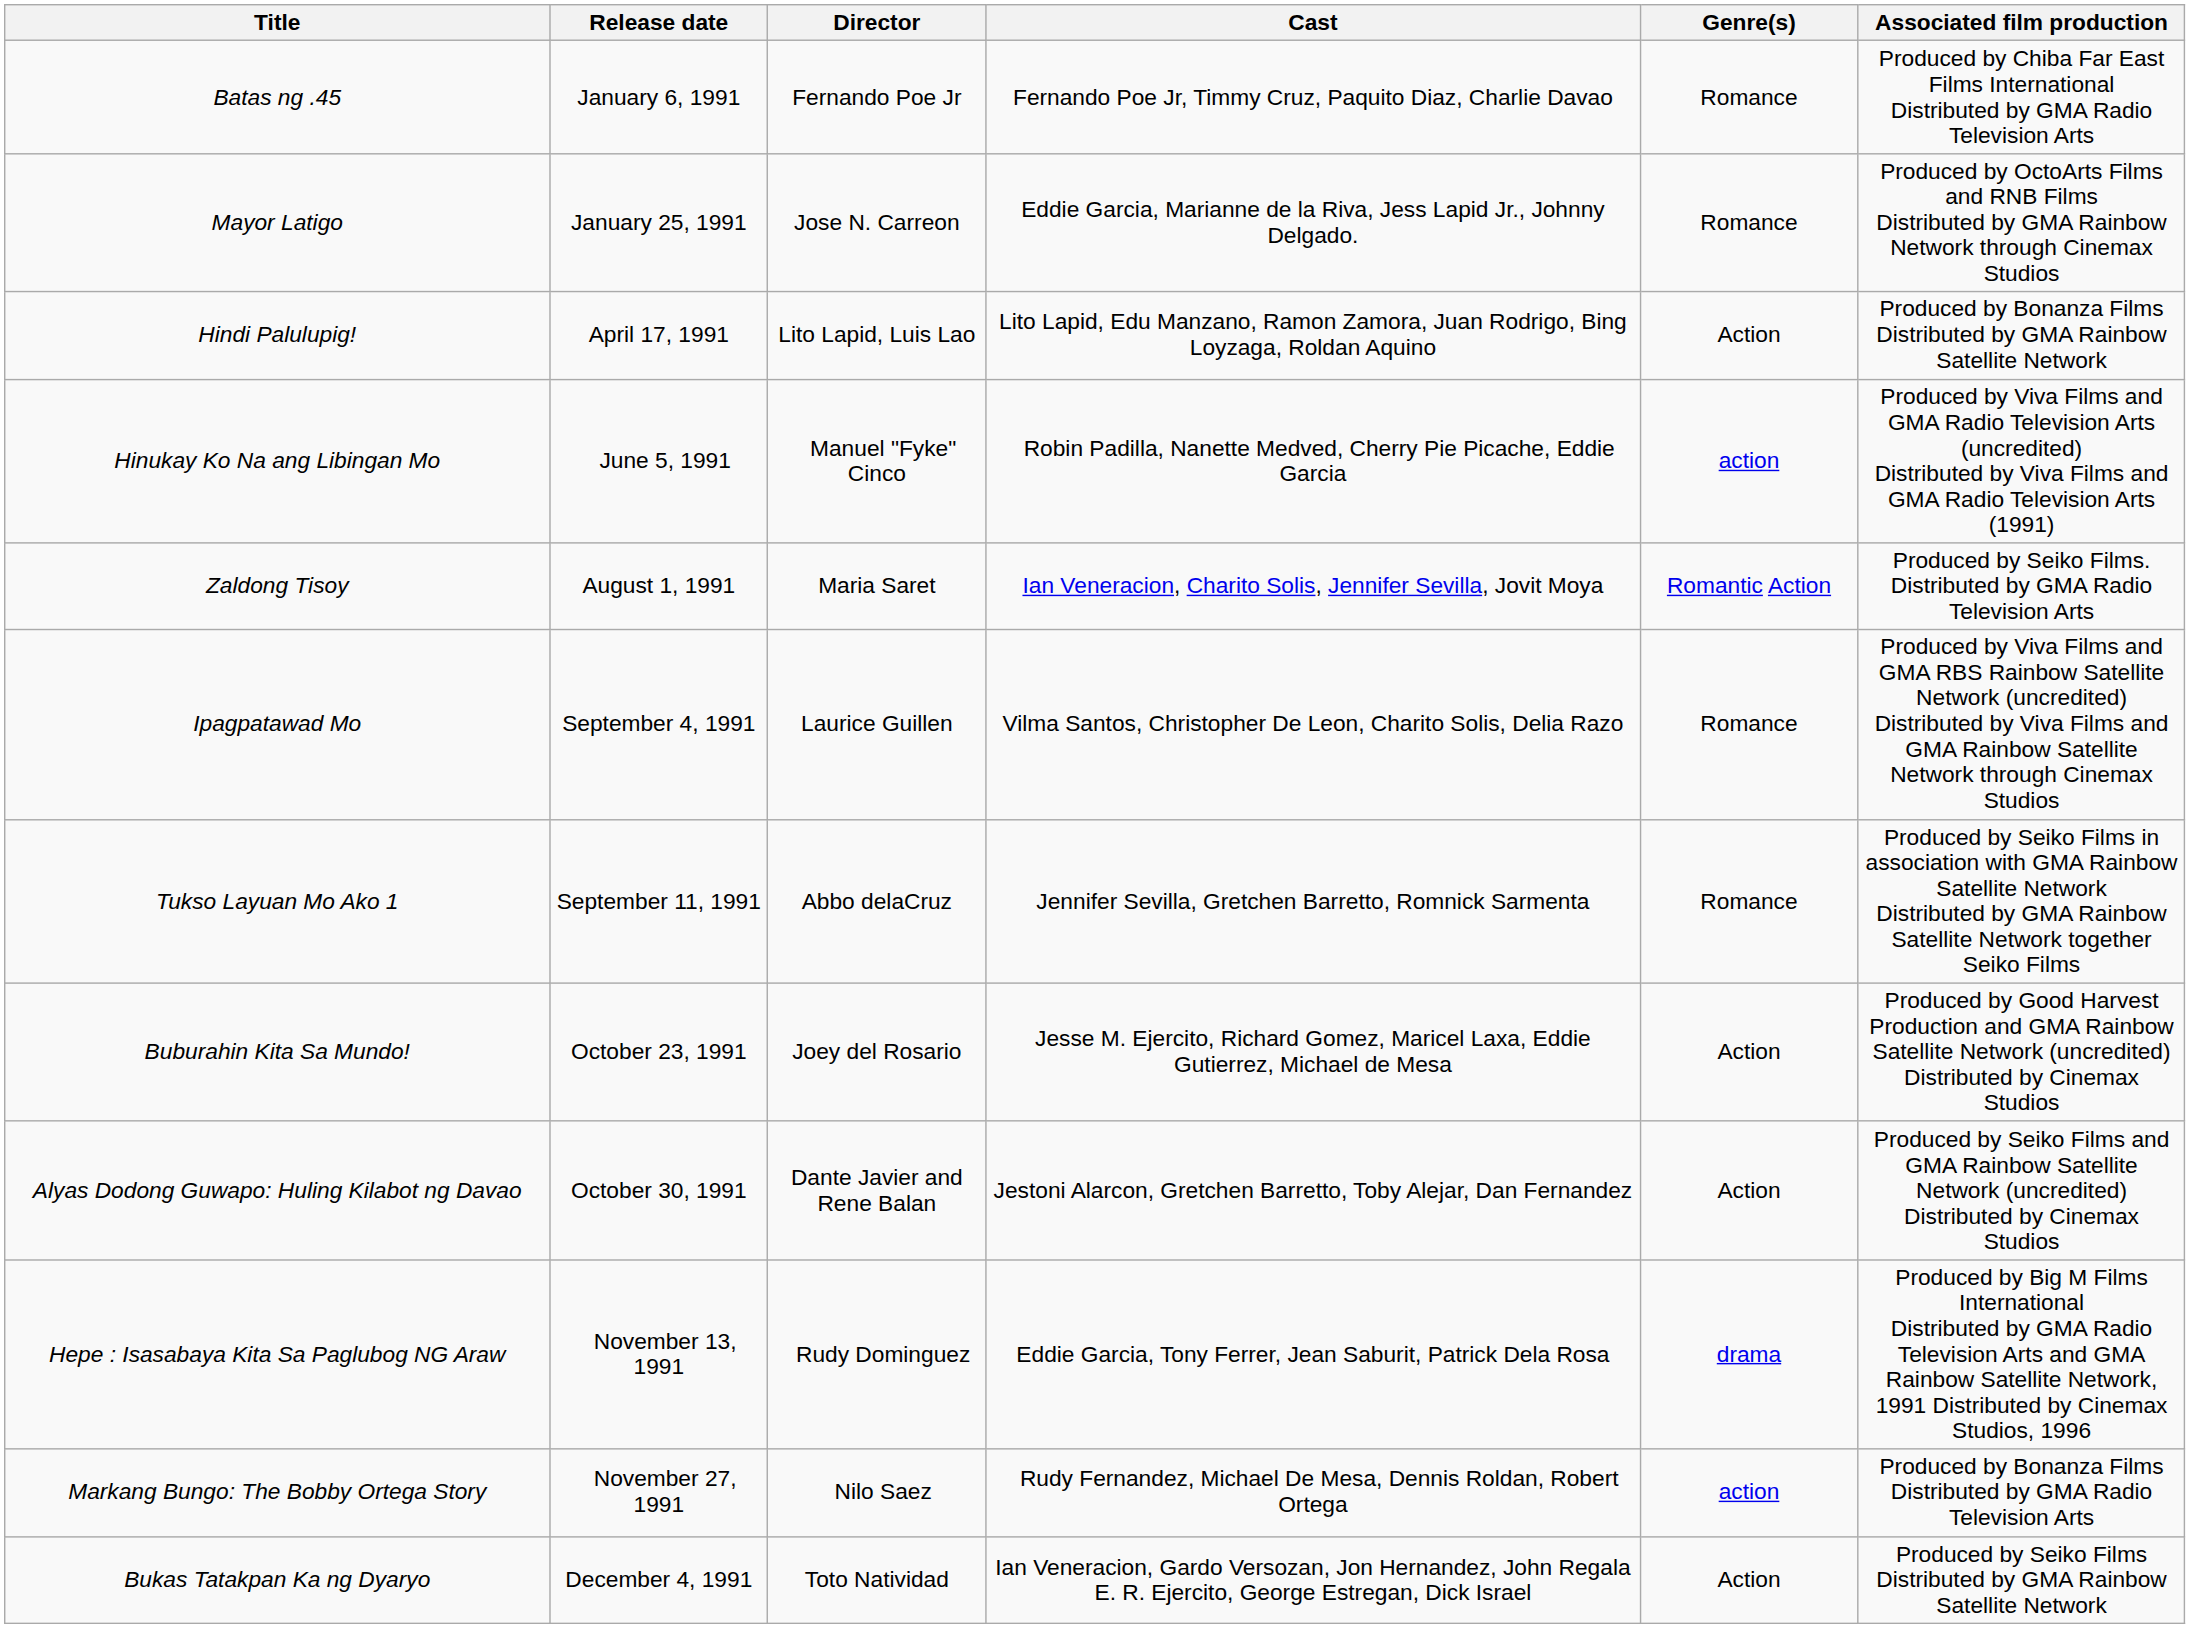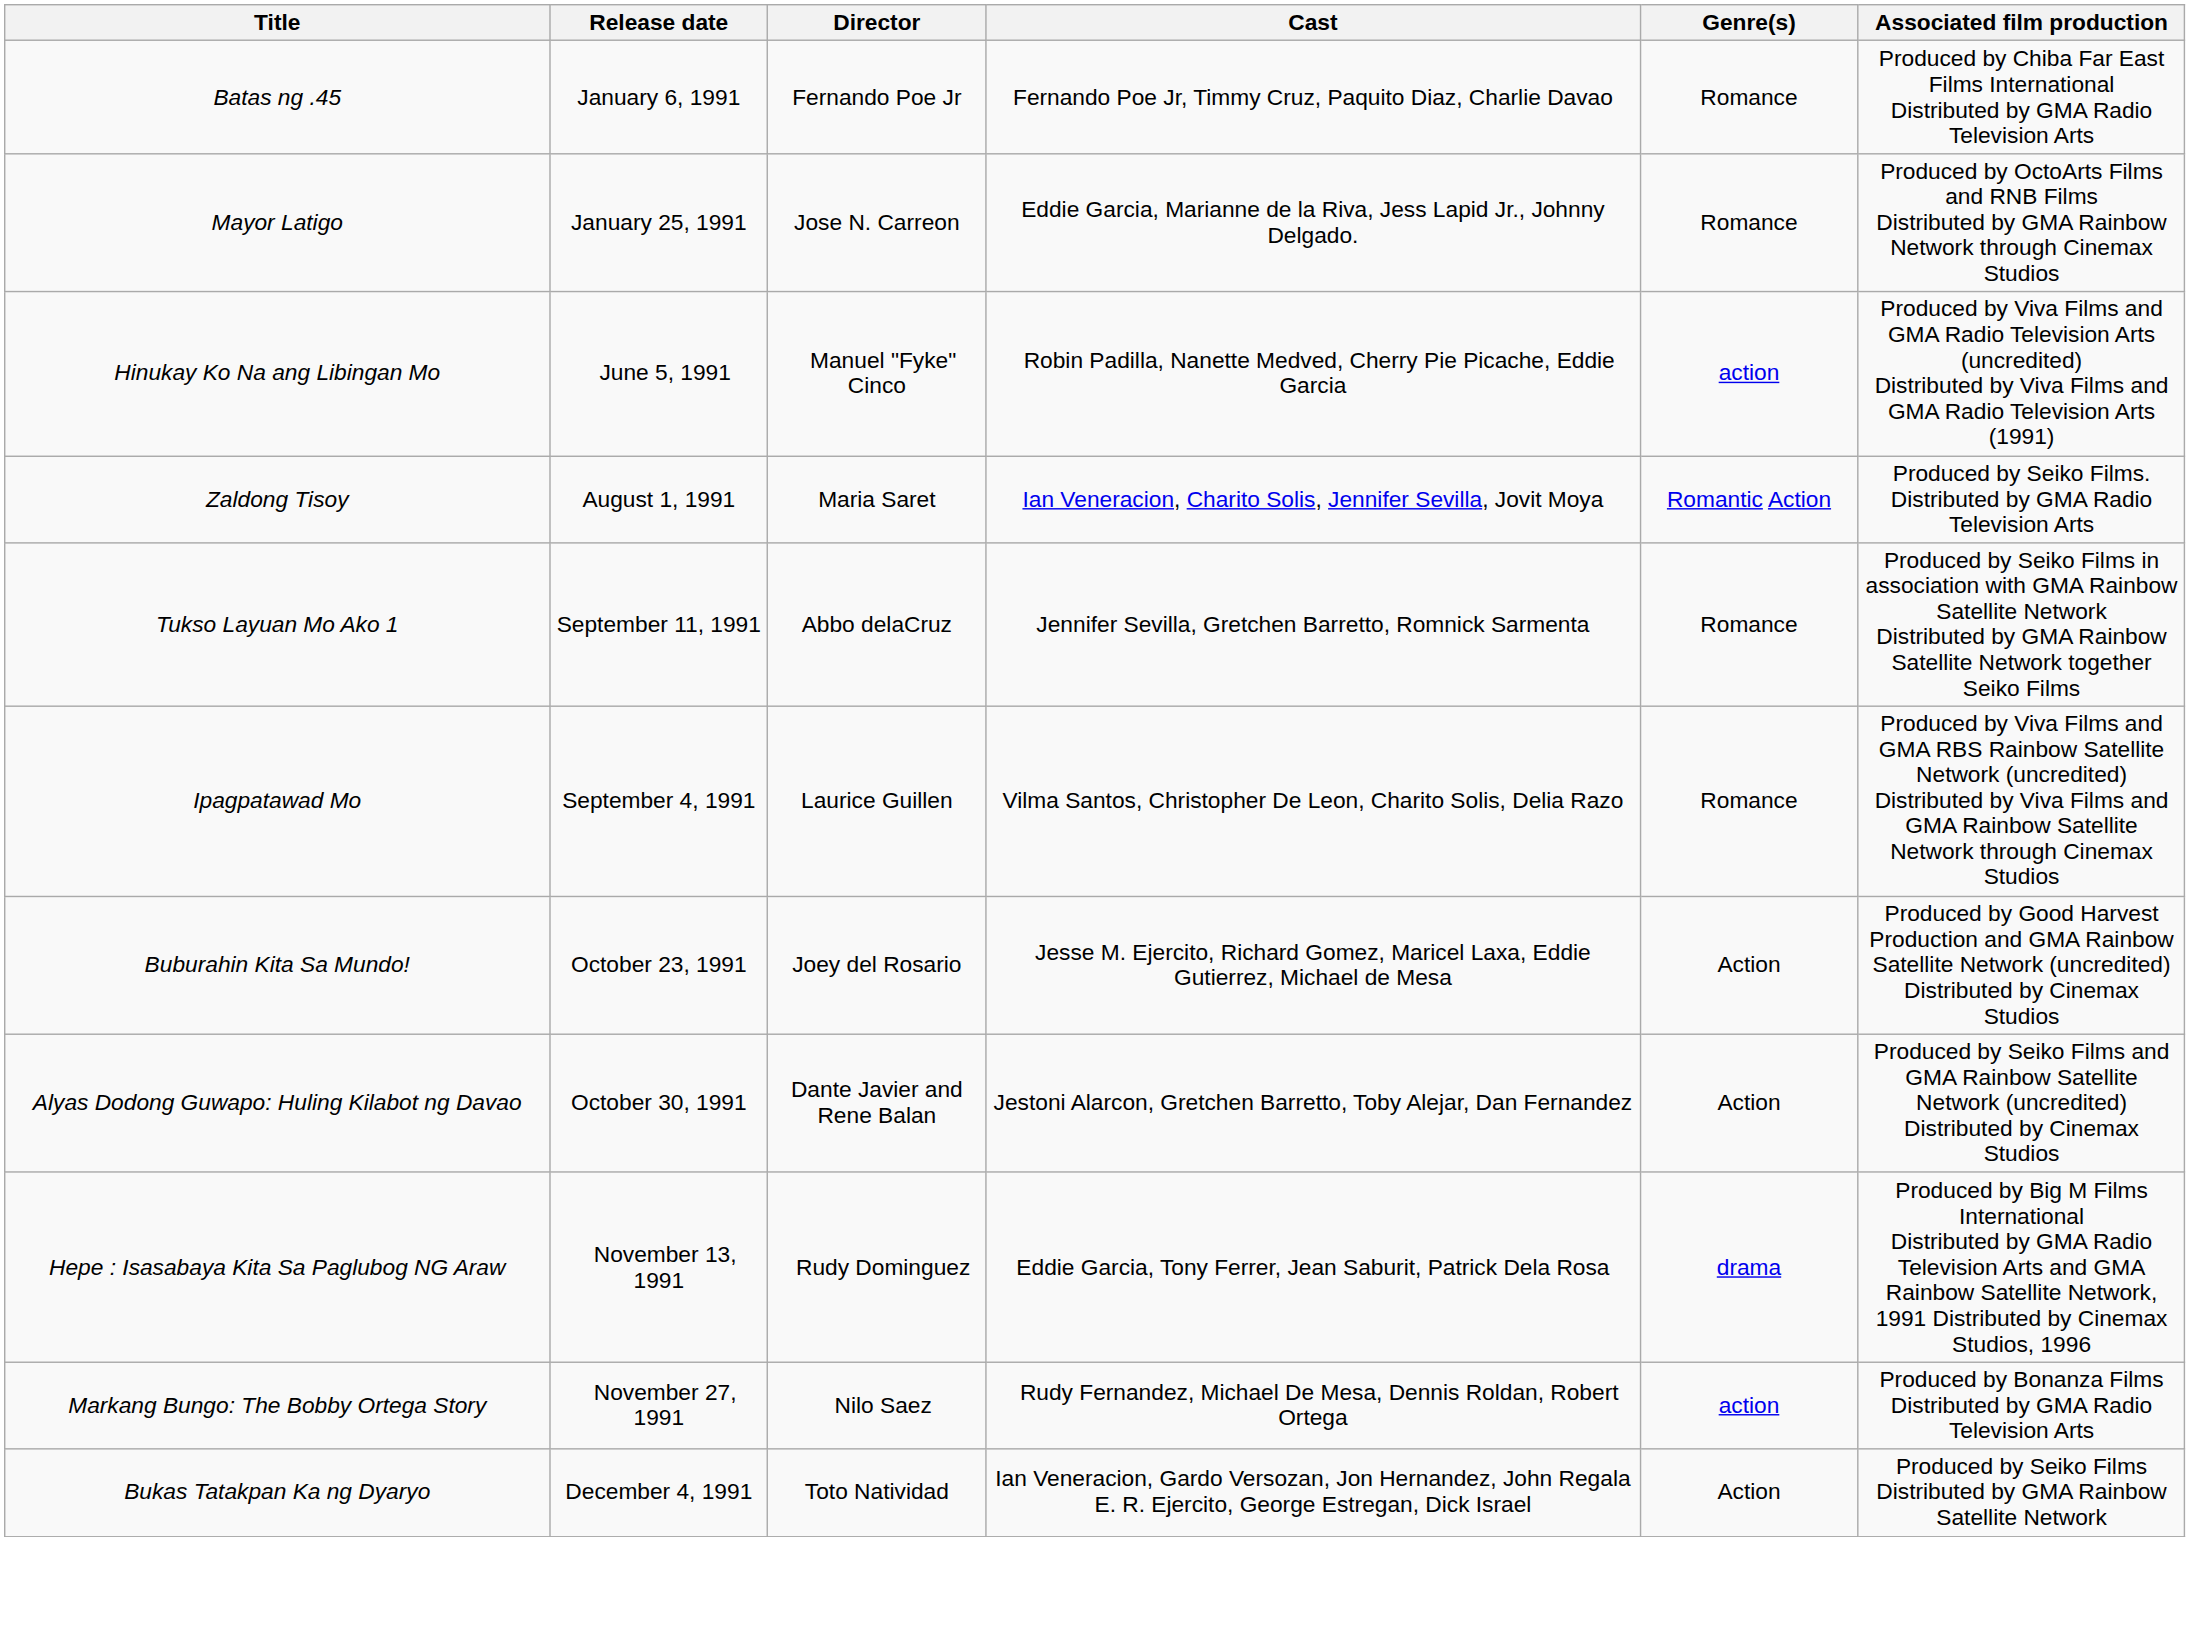 <table class="wikitable" "toccolours sortable" style="width:97%; text-align:center">
 <tr>
 <th style="width:25%;">Title</th>
 <th style="width:10%;">Release date</th>
 <th style="width:10%;">Director</th>
 <th style="width:30%;">Cast</th>
 <th style="width:10%;">Genre(s)</th>
 <th style="width:15%;">Associated film production</th>
 </tr>
 <tr>
 <td><em>Batas ng .45</em></td>
 <td>January 6, 1991</td>
 <td>Fernando Poe Jr</td>
 <td>Fernando Poe Jr, Timmy Cruz, Paquito Diaz, Charlie Davao</td>
 <td>Romance</td>
 <td>Produced by Chiba Far East Films   International<br>Distributed by GMA Radio Television Arts </td>
 </tr>
 <tr>
 <td><em>Mayor Latigo</em></td>
 <td>January 25, 1991</td>
 <td>Jose N. Carreon</td>
 <td>Eddie Garcia, Marianne de la Riva, Jess Lapid Jr., Johnny Delgado.</td>
 <td>Romance</td>
 <td>Produced by OctoArts Films and RNB Films<br>Distributed by GMA Rainbow Network through Cinemax Studios </td>
 </tr>
 <tr>
-<td><em>Hindi Palulupig!</em></td>
-<td>April  17, 1991</td>
-<td>Lito Lapid, Luis Lao</td>
-<td>Lito Lapid, Edu Manzano, Ramon Zamora, Juan Rodrigo, Bing Loyzaga, Roldan Aquino</td>
-<td>Action</td>
-<td>Produced by Bonanza Films<br>Distributed by GMA Rainbow Satellite Network  </td>
-</tr>
-<tr>
 <td><em>Hinukay Ko Na ang Libingan Mo</em></td>
 <td>  June 5, 1991</td>
 <td>  Manuel "Fyke" Cinco</td>
 <td>  Robin Padilla, Nanette Medved, Cherry Pie Picache, Eddie Garcia</td>
 <td><a href='#'>action</a></td>
 <td>Produced by Viva Films and GMA Radio Television Arts (uncredited)<br>Distributed by Viva Films and GMA Radio Television Arts (1991) </td>
 </tr>
 <tr>
 <td><em>Zaldong Tisoy</em></td>
 <td>August 1, 1991</td>
 <td>Maria Saret</td>
 <td><a href='#'>Ian Veneracion</a>, <a href='#'>Charito Solis</a>, <a href='#'>Jennifer Sevilla</a>, Jovit Moya</td>
 <td><a href='#'>Romantic</a> <a href='#'>Action</a></td>
 <td>Produced by Seiko Films. Distributed by GMA Radio Television Arts </td>
 </tr>
 <tr>
+<td><em>Tukso Layuan Mo Ako 1</em></td>
+<td>September 11, 1991</td>
+<td>Abbo delaCruz</td>
+<td>Jennifer Sevilla, Gretchen Barretto, Romnick Sarmenta</td>
+<td>Romance</td>
+<td>Produced by Seiko Films in association with GMA Rainbow Satellite Network<br>Distributed by GMA Rainbow Satellite Network together Seiko Films  </td>
+</tr>
+<tr>
 <td><em>Ipagpatawad Mo</em></td>
 <td>September 4, 1991</td>
 <td>Laurice Guillen</td>
 <td>Vilma Santos, Christopher De Leon, Charito Solis, Delia Razo</td>
 <td>Romance</td>
 <td>Produced by Viva Films and GMA RBS Rainbow Satellite Network (uncredited)<br>Distributed by Viva Films and GMA Rainbow Satellite Network through Cinemax Studios </td>
-</tr>
-<tr>
-<td><em>Tukso Layuan Mo Ako 1</em></td>
-<td>September 11, 1991</td>
-<td>Abbo delaCruz</td>
-<td>Jennifer Sevilla, Gretchen Barretto, Romnick Sarmenta</td>
-<td>Romance</td>
-<td>Produced by Seiko Films in association with GMA Rainbow Satellite Network<br>Distributed by GMA Rainbow Satellite Network together Seiko Films  </td>
 </tr>
 <tr>
 <td><em>Buburahin Kita Sa Mundo!</em></td>
 <td>October 23, 1991</td>
 <td>Joey del Rosario</td>
 <td>Jesse M. Ejercito, Richard Gomez, Maricel Laxa, Eddie Gutierrez, Michael de Mesa</td>
 <td>Action</td>
 <td>Produced by Good Harvest Production and GMA Rainbow Satellite Network (uncredited)<br>Distributed by Cinemax Studios </td>
 </tr>
 <tr>
 <td><em>Alyas Dodong Guwapo: Huling Kilabot ng Davao</em></td>
 <td>October 30, 1991</td>
 <td>Dante Javier and Rene Balan</td>
 <td>Jestoni Alarcon, Gretchen Barretto, Toby Alejar, Dan Fernandez</td>
 <td>Action</td>
 <td>Produced by Seiko Films and GMA Rainbow Satellite Network (uncredited)<br>Distributed by Cinemax Studios </td>
 </tr>
 <tr>
 <td><em>Hepe : Isasabaya Kita Sa Paglubog NG Araw</em></td>
 <td>  November 13, 1991</td>
 <td>  Rudy Dominguez</td>
 <td>Eddie Garcia, Tony Ferrer, Jean Saburit, Patrick Dela Rosa</td>
 <td><a href='#'>drama</a></td>
 <td>Produced by Big M Films International<br>Distributed by GMA Radio  Television Arts and GMA Rainbow Satellite Network, 1991 Distributed by Cinemax Studios, 1996  </td>
 </tr>
 <tr>
 <td><em>Markang Bungo: The Bobby Ortega Story</em></td>
 <td>  November 27, 1991</td>
 <td>  Nilo Saez</td>
 <td>  Rudy Fernandez, Michael De Mesa, Dennis Roldan, Robert Ortega</td>
 <td><a href='#'>action</a></td>
 <td>Produced by Bonanza Films<br>Distributed by GMA Radio Television  Arts </td>
 </tr>
 <tr>
 <td><em>Bukas Tatakpan Ka ng Dyaryo</em></td>
 <td>December 4, 1991</td>
 <td>Toto Natividad</td>
 <td>Ian Veneracion, Gardo Versozan, Jon Hernandez, John Regala E. R. Ejercito, George Estregan, Dick Israel</td>
 <td>Action</td>
 <td>Produced by Seiko Films<br>Distributed by GMA Rainbow Satellite Network  </td>
 </tr>
 <tr>
 </tr>
 </table>
